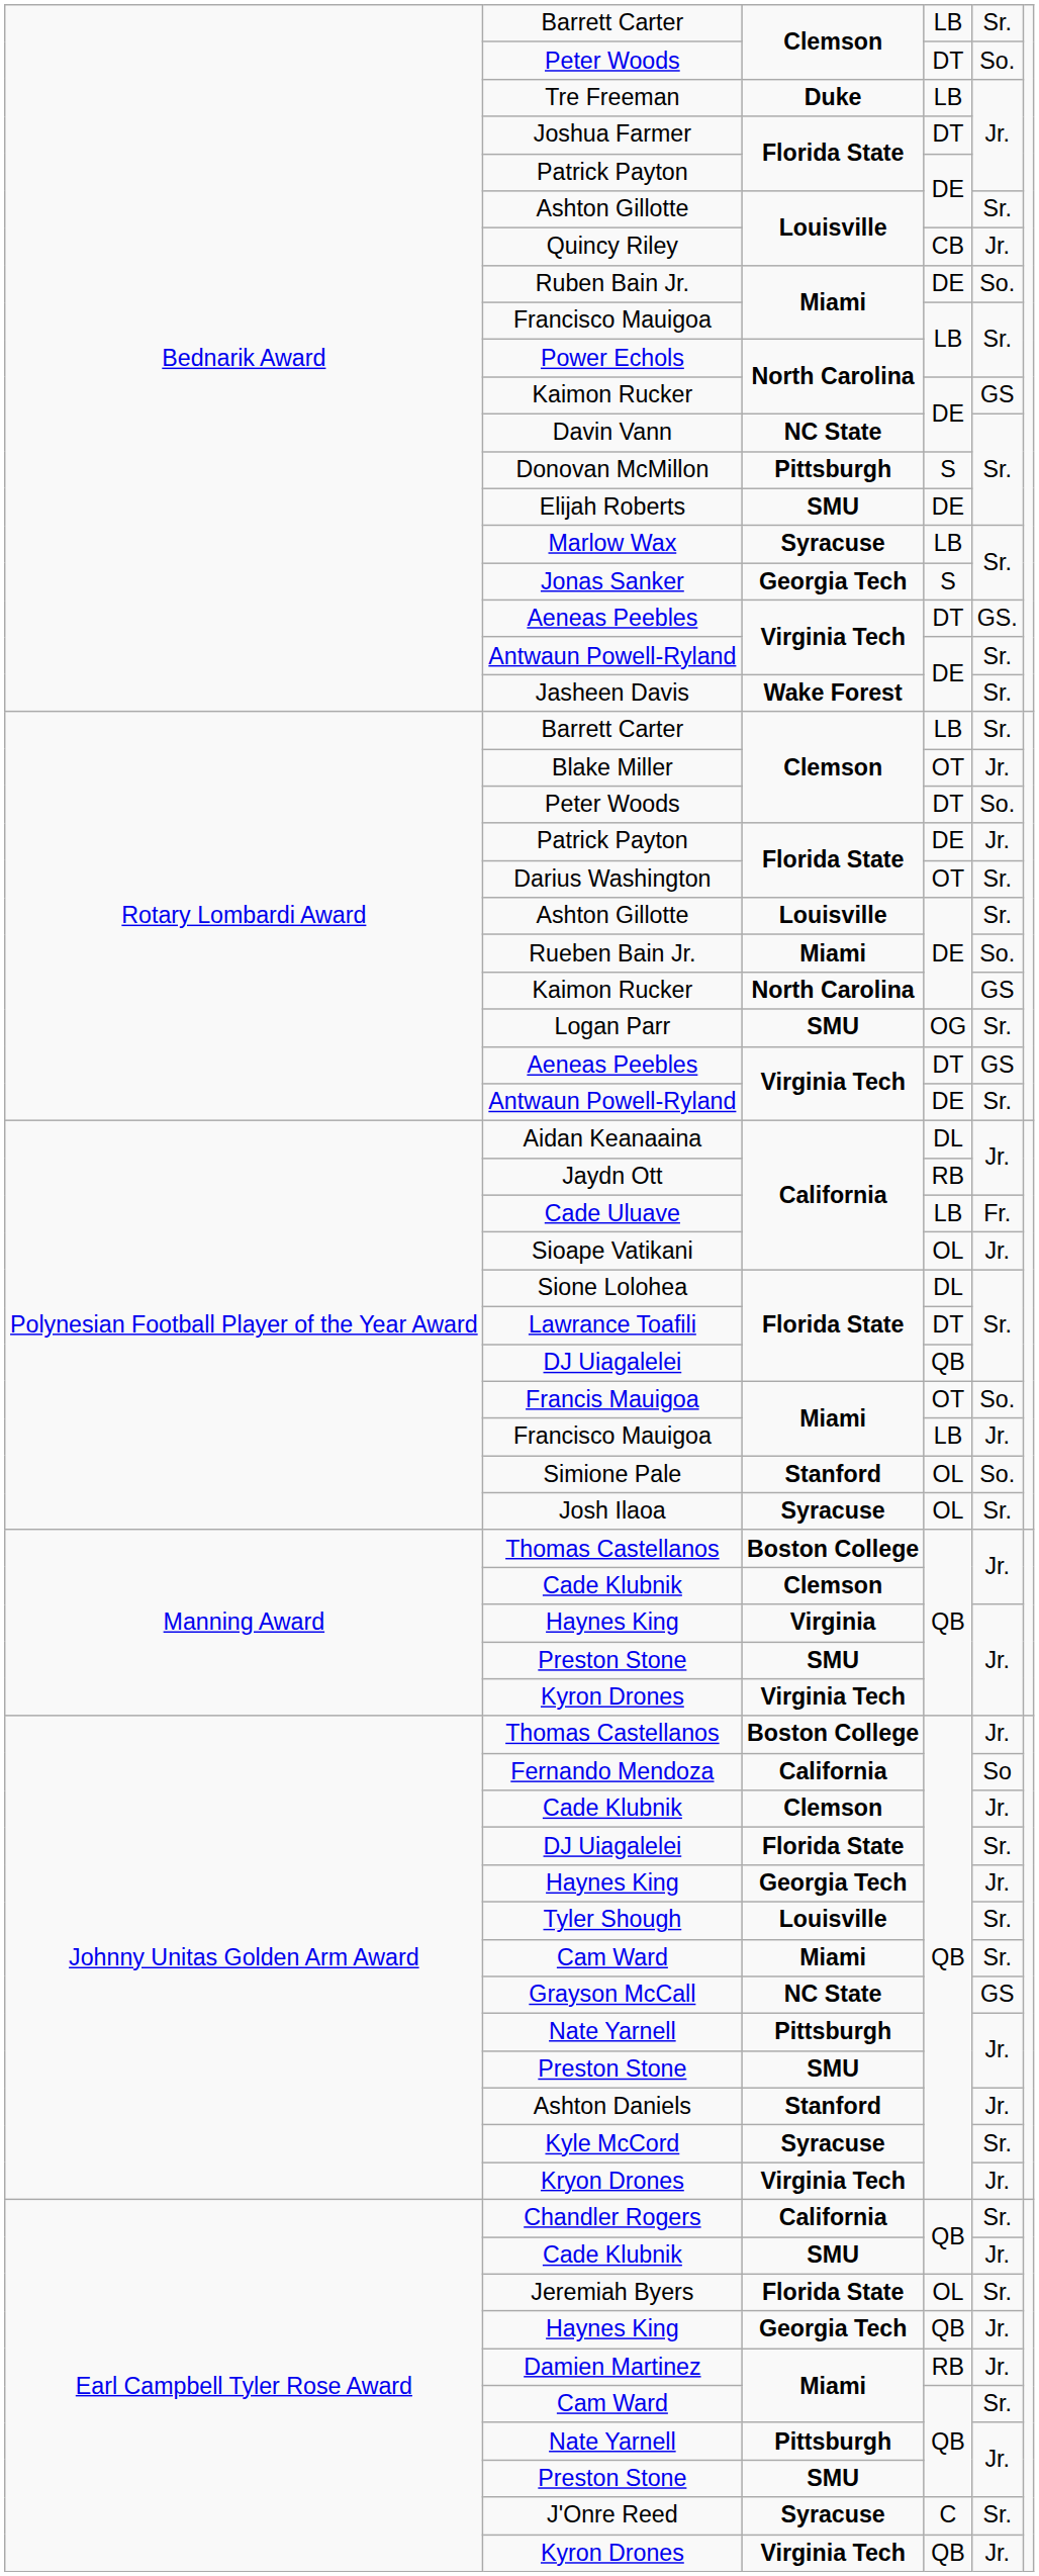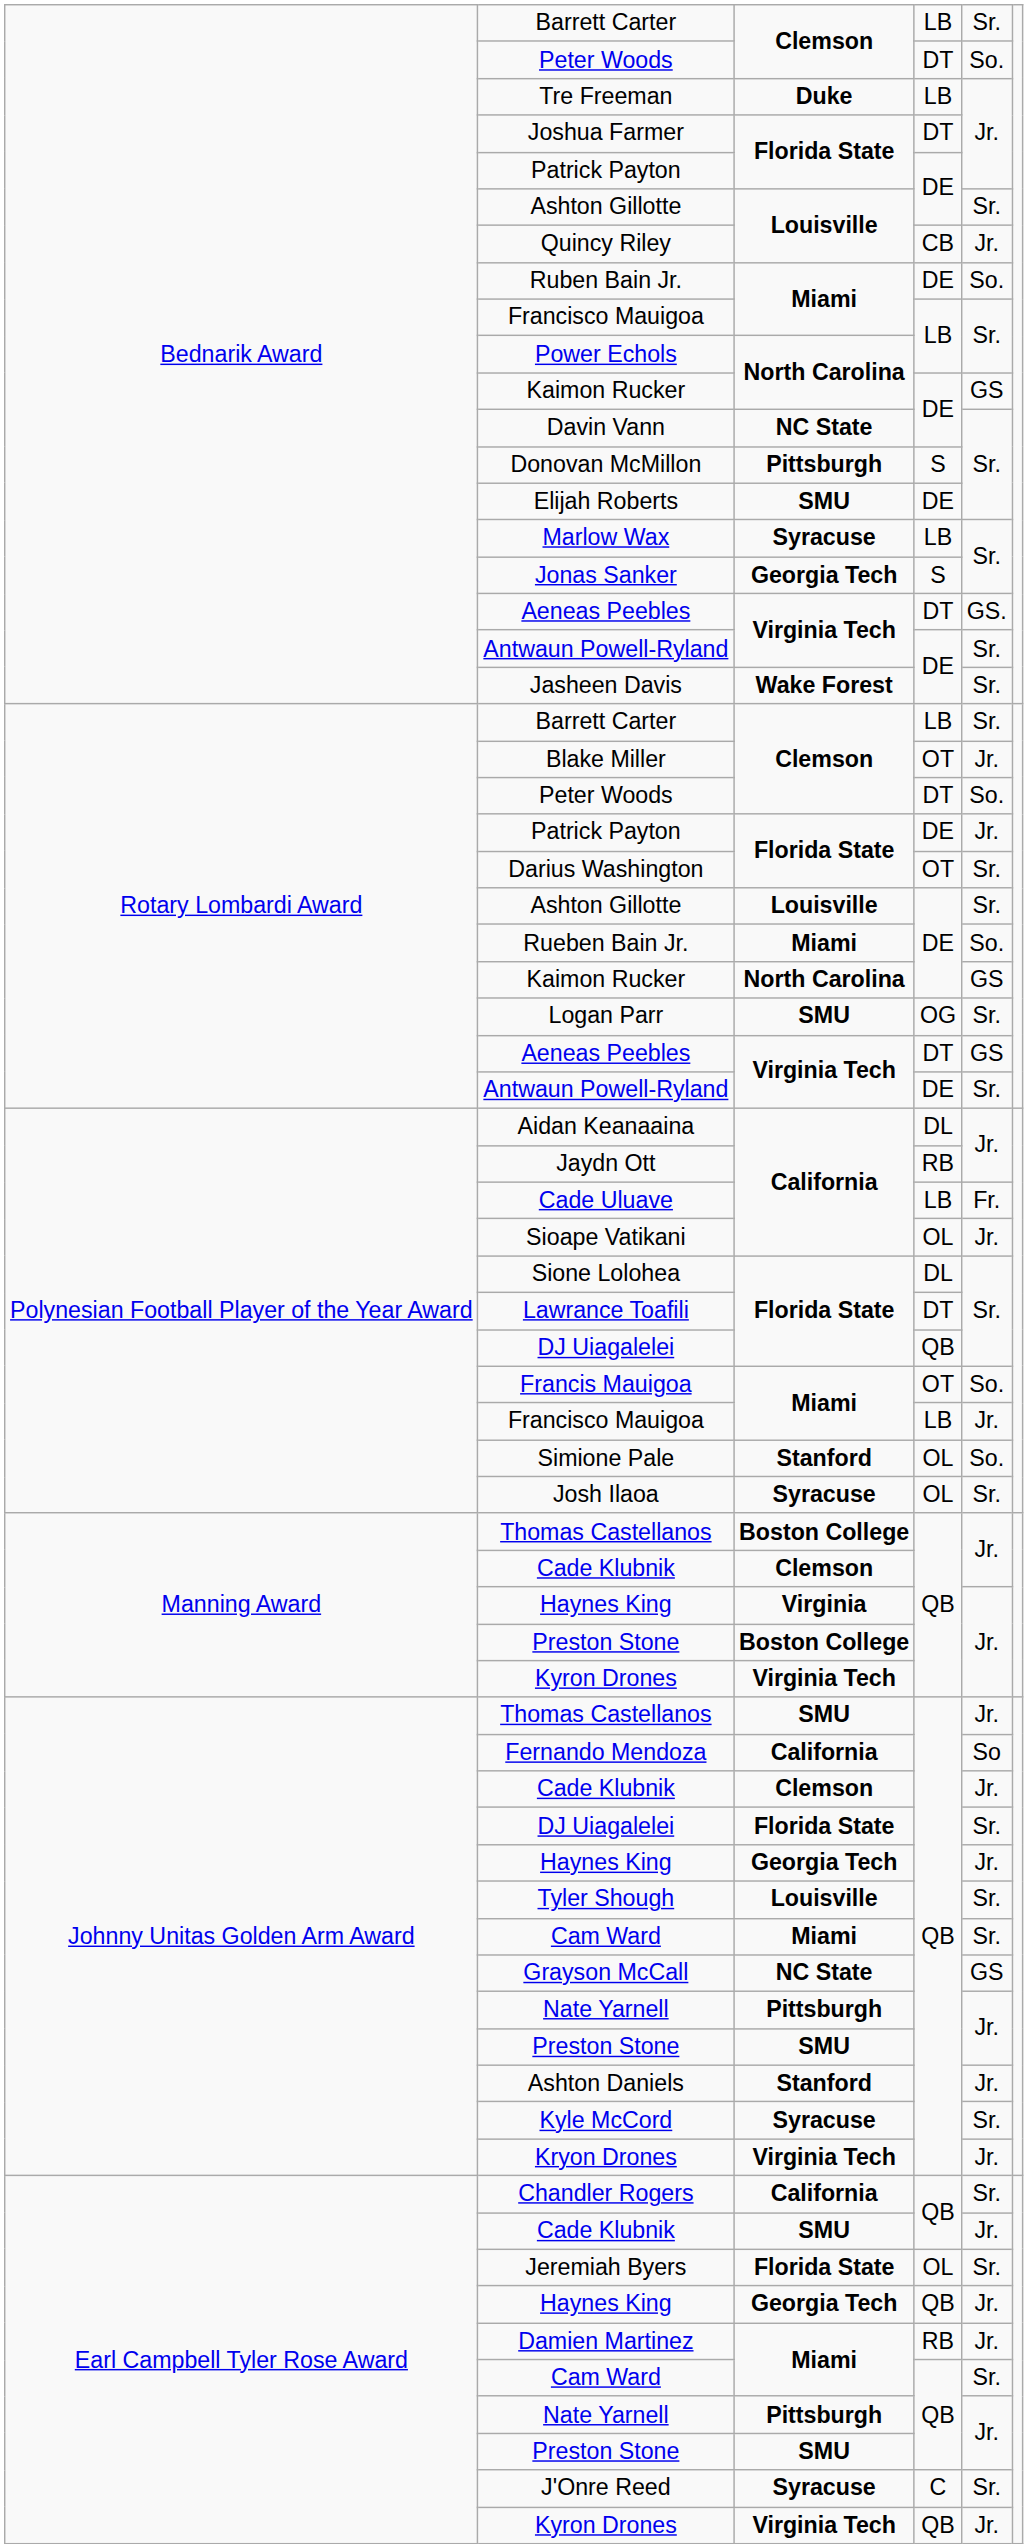 <table class="wikitable" style="text-align:center;">
 <tr>
 <td rowspan=19><a href='#'>Bednarik Award</a></td>
 <td>Barrett Carter</td>
 <td rowspan=2><strong>Clemson</strong></td>
 <td>LB</td>
 <td>Sr.</td>
 <td rowspan=19></td>
 </tr>
 <tr>
 <td><a href='#'>Peter Woods</a></td>
 <td>DT</td>
 <td>So.</td>
 </tr>
 <tr>
 <td>Tre Freeman</td>
 <td><strong>Duke</strong></td>
 <td>LB</td>
 <td rowspan=3> Jr.</td>
 </tr>
 <tr>
 <td>Joshua Farmer</td>
 <td rowspan=2><strong>Florida State</strong></td>
 <td>DT</td>
 </tr>
 <tr>
 <td>Patrick Payton</td>
 <td rowspan=2>DE</td>
 </tr>
 <tr>
 <td>Ashton Gillotte</td>
 <td rowspan=2><strong>Louisville</strong></td>
 <td>Sr.</td>
 </tr>
 <tr>
 <td>Quincy Riley</td>
 <td>CB</td>
 <td>Jr.</td>
 </tr>
 <tr>
 <td>Ruben Bain Jr.</td>
 <td rowspan=2><strong>Miami</strong></td>
 <td>DE</td>
 <td>So.</td>
 </tr>
 <tr>
 <td>Francisco Mauigoa</td>
 <td rowspan=2>LB</td>
 <td rowspan=2>Sr.</td>
 </tr>
 <tr>
 <td><a href='#'>Power Echols</a></td>
 <td rowspan=2><strong>North Carolina</strong></td>
 </tr>
 <tr>
 <td>Kaimon Rucker</td>
 <td rowspan=2>DE</td>
 <td>GS</td>
 </tr>
 <tr>
 <td>Davin Vann</td>
 <td><strong>NC State</strong></td>
 <td rowspan=3>Sr.</td>
 </tr>
 <tr>
 <td>Donovan McMillon</td>
 <td><strong>Pittsburgh</strong></td>
 <td>S</td>
 </tr>
 <tr>
 <td>Elijah Roberts</td>
 <td><strong>SMU</strong></td>
 <td>DE</td>
 </tr>
 <tr>
 <td><a href='#'>Marlow Wax</a></td>
 <td><strong>Syracuse</strong></td>
 <td>LB</td>
 <td rowspan=2>Sr.</td>
 </tr>
 <tr>
 <td><a href='#'>Jonas Sanker</a></td>
 <td><strong>Georgia Tech</strong></td>
 <td>S</td>
 </tr>
 <tr>
 <td><a href='#'>Aeneas Peebles</a></td>
 <td rowspan=2><strong>Virginia Tech</strong></td>
 <td>DT</td>
 <td>GS.</td>
 </tr>
 <tr>
 <td><a href='#'>Antwaun Powell-Ryland</a></td>
 <td rowspan=2>DE</td>
 <td> Sr.</td>
 </tr>
 <tr>
 <td>Jasheen Davis</td>
 <td><strong>Wake Forest</strong></td>
 <td>Sr.</td>
 </tr>
 <tr>
 <td rowspan=11><a href='#'>Rotary Lombardi Award</a></td>
 <td>Barrett Carter</td>
 <td rowspan=3><strong>Clemson</strong></td>
 <td>LB</td>
 <td>Sr.</td>
 <td rowspan=11></td>
 </tr>
 <tr>
 <td>Blake Miller</td>
 <td>OT</td>
 <td>Jr.</td>
 </tr>
 <tr>
 <td>Peter Woods</td>
 <td>DT</td>
 <td>So.</td>
 </tr>
 <tr>
 <td>Patrick Payton</td>
 <td rowspan=2><strong>Florida State</strong></td>
 <td>DE</td>
 <td> Jr.</td>
 </tr>
 <tr>
 <td>Darius Washington</td>
 <td>OT</td>
 <td> Sr.</td>
 </tr>
 <tr>
 <td>Ashton Gillotte</td>
 <td><strong>Louisville</strong></td>
 <td rowspan=3>DE</td>
 <td>Sr.</td>
 </tr>
 <tr>
 <td>Rueben Bain Jr.</td>
 <td><strong>Miami</strong></td>
 <td>So.</td>
 </tr>
 <tr>
 <td>Kaimon Rucker</td>
 <td><strong>North Carolina</strong></td>
 <td>GS</td>
 </tr>
 <tr>
 <td>Logan Parr</td>
 <td><strong>SMU</strong></td>
 <td>OG</td>
 <td>Sr.</td>
 </tr>
 <tr>
 <td><a href='#'>Aeneas Peebles</a></td>
 <td rowspan=2><strong>Virginia Tech</strong></td>
 <td>DT</td>
 <td>GS</td>
 </tr>
 <tr>
 <td><a href='#'>Antwaun Powell-Ryland</a></td>
 <td>DE</td>
 <td> Sr.</td>
 </tr>
 <tr>
 <td rowspan=11><a href='#'>Polynesian Football Player of the Year Award</a></td>
 <td>Aidan Keanaaina</td>
 <td rowspan=4><strong>California</strong></td>
 <td>DL</td>
 <td rowspan=2>Jr.</td>
 <td rowspan=11></td>
 </tr>
 <tr>
 <td>Jaydn Ott</td>
 <td>RB</td>
 </tr>
 <tr>
 <td><a href='#'>Cade Uluave</a></td>
 <td>LB</td>
 <td>Fr.</td>
 </tr>
 <tr>
 <td>Sioape Vatikani</td>
 <td>OL</td>
 <td>Jr.</td>
 </tr>
 <tr>
 <td>Sione Lolohea</td>
 <td rowspan=3><strong>Florida State</strong></td>
 <td>DL</td>
 <td rowspan=3> Sr.</td>
 </tr>
 <tr>
 <td><a href='#'>Lawrance Toafili</a></td>
 <td>DT</td>
 </tr>
 <tr>
 <td><a href='#'>DJ Uiagalelei</a></td>
 <td>QB</td>
 </tr>
 <tr>
 <td><a href='#'>Francis Mauigoa</a></td>
 <td rowspan=2><strong>Miami</strong></td>
 <td>OT</td>
 <td>So.</td>
 </tr>
 <tr>
 <td>Francisco Mauigoa</td>
 <td>LB</td>
 <td>Jr.</td>
 </tr>
 <tr>
 <td>Simione Pale</td>
 <td><strong>Stanford</strong></td>
 <td>OL</td>
 <td>So.</td>
 </tr>
 <tr>
 <td>Josh Ilaoa</td>
 <td><strong>Syracuse</strong></td>
 <td>OL</td>
 <td>Sr.</td>
 </tr>
 <tr>
 <td rowspan=5><a href='#'>Manning Award</a></td>
 <td><a href='#'>Thomas Castellanos</a></td>
 <td><strong>Boston College</strong></td>
 <td rowspan=5>QB</td>
 <td rowspan=2>Jr.</td>
 <td rowspan=5></td>
 </tr>
 <tr>
 <td><a href='#'>Cade Klubnik</a></td>
 <td><strong>Clemson</strong></td>
 </tr>
 <tr>
 <td><a href='#'>Haynes King</a></td>
 <td><strong>Virginia</strong></td>
 <td rowspan=3> Jr.</td>
 </tr>
 <tr>
 <td><a href='#'>Preston Stone</a></td>
-<td><strong>SMU</strong></td>
+<td><strong>Boston College</strong></td>
 </tr>
 <tr>
 <td><a href='#'>Kyron Drones</a></td>
 <td><strong>Virginia Tech</strong></td>
 </tr>
 <tr>
 <td rowspan=13><a href='#'>Johnny Unitas Golden Arm Award</a></td>
 <td><a href='#'>Thomas Castellanos</a></td>
-<td><strong>Boston College</strong></td>
+<td><strong>SMU</strong></td>
 <td rowspan=13>QB</td>
 <td>Jr.</td>
 <td rowspan=13></td>
 </tr>
 <tr>
 <td><a href='#'>Fernando Mendoza</a></td>
 <td><strong>California</strong></td>
 <td> So</td>
 </tr>
 <tr>
 <td><a href='#'>Cade Klubnik</a></td>
 <td><strong>Clemson</strong></td>
 <td>Jr.</td>
 </tr>
 <tr>
 <td><a href='#'>DJ Uiagalelei</a></td>
 <td><strong>Florida State</strong></td>
 <td> Sr.</td>
 </tr>
 <tr>
 <td><a href='#'>Haynes King</a></td>
 <td><strong>Georgia Tech</strong></td>
 <td> Jr.</td>
 </tr>
 <tr>
 <td><a href='#'>Tyler Shough</a></td>
 <td><strong>Louisville</strong></td>
 <td> Sr.</td>
 </tr>
 <tr>
 <td><a href='#'>Cam Ward</a></td>
 <td><strong>Miami</strong></td>
 <td>Sr.</td>
 </tr>
 <tr>
 <td><a href='#'>Grayson McCall</a></td>
 <td><strong>NC State</strong></td>
 <td>GS</td>
 </tr>
 <tr>
 <td><a href='#'>Nate Yarnell</a></td>
 <td><strong>Pittsburgh</strong></td>
 <td rowspan=2> Jr.</td>
 </tr>
 <tr>
 <td><a href='#'>Preston Stone</a></td>
 <td><strong>SMU</strong></td>
 </tr>
 <tr>
 <td>Ashton Daniels</td>
 <td><strong>Stanford</strong></td>
 <td>Jr.</td>
 </tr>
 <tr>
 <td><a href='#'>Kyle McCord</a></td>
 <td><strong>Syracuse</strong></td>
 <td>Sr.</td>
 </tr>
 <tr>
 <td><a href='#'>Kryon Drones</a></td>
 <td><strong>Virginia Tech</strong></td>
 <td> Jr.</td>
 </tr>
 <tr>
 <td rowspan=10><a href='#'>Earl Campbell Tyler Rose Award</a></td>
 <td><a href='#'>Chandler Rogers</a></td>
 <td><strong>California</strong></td>
 <td rowspan=2>QB</td>
 <td> Sr.</td>
 <td rowspan=10></td>
 </tr>
 <tr>
 <td><a href='#'>Cade Klubnik</a></td>
 <td><strong>SMU</strong></td>
 <td>Jr.</td>
 </tr>
 <tr>
 <td>Jeremiah Byers</td>
 <td><strong>Florida State</strong></td>
 <td>OL</td>
 <td> Sr.</td>
 </tr>
 <tr>
 <td><a href='#'>Haynes King</a></td>
 <td><strong>Georgia Tech</strong></td>
 <td>QB</td>
 <td> Jr.</td>
 </tr>
 <tr>
 <td><a href='#'>Damien Martinez</a></td>
 <td rowspan=2><strong>Miami</strong></td>
 <td>RB</td>
 <td>Jr.</td>
 </tr>
 <tr>
 <td><a href='#'>Cam Ward</a></td>
 <td rowspan=3>QB</td>
 <td>Sr.</td>
 </tr>
 <tr>
 <td><a href='#'>Nate Yarnell</a></td>
 <td><strong>Pittsburgh</strong></td>
 <td rowspan=2> Jr.</td>
 </tr>
 <tr>
 <td><a href='#'>Preston Stone</a></td>
 <td><strong>SMU</strong></td>
 </tr>
 <tr>
 <td>J'Onre Reed</td>
 <td><strong>Syracuse</strong></td>
 <td>C</td>
 <td>Sr.</td>
 </tr>
 <tr>
 <td><a href='#'>Kyron Drones</a></td>
 <td><strong>Virginia Tech</strong></td>
 <td>QB</td>
 <td> Jr.</td>
 </tr>
 </table>
